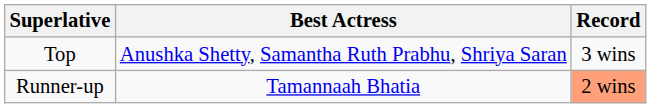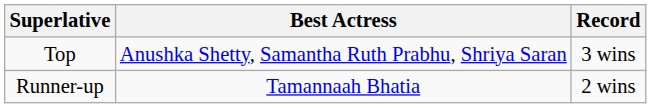 <table class="wikitable" style="text-align: center">
 <tr>
 <th>Superlative</th>
 <th>Best Actress</th>
 <th>Record</th>
 </tr>
 <tr>
 <td>Top</td>
 <td><a href='#'>Anushka Shetty</a>, <a href='#'>Samantha Ruth Prabhu</a>, <a href='#'>Shriya Saran</a></td>
 <td>3 wins</td>
 </tr>
 <tr>
 <td rowspan="2">Runner-up</td>
 <td><a href='#'>Tamannaah Bhatia</a></td>
-<td style="background: lightsalmon;">2 wins</td>
+<td>2 wins</td>
 </tr>
 </table>
